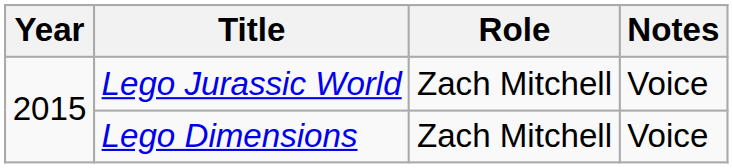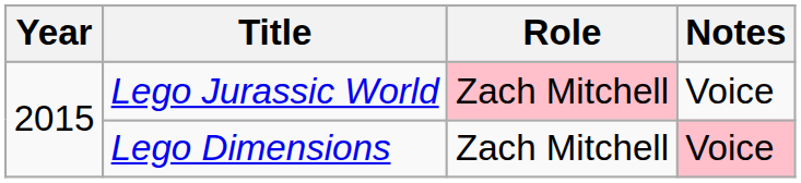 <table class="wikitable">
 <tr>
 <th>Year</th>
 <th>Title</th>
 <th>Role</th>
 <th>Notes</th>
 </tr>
 <tr>
 <td rowspan="2">2015</td>
 <td><em><a href='#'>Lego Jurassic World</a></em></td>
-<td>Zach Mitchell</td>
+<td style="background: pink;">Zach Mitchell</td>
 <td>Voice</td>
 </tr>
 <tr>
 <td><em><a href='#'>Lego Dimensions</a></em></td>
 <td>Zach Mitchell</td>
-<td>Voice</td>
+<td style="background: pink;">Voice</td>
 </tr>
 </table>
